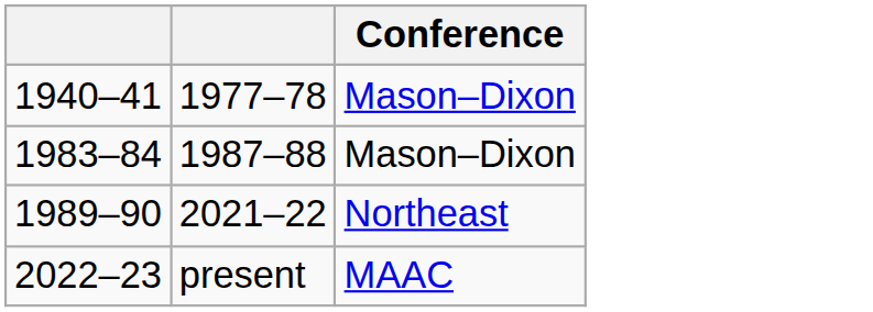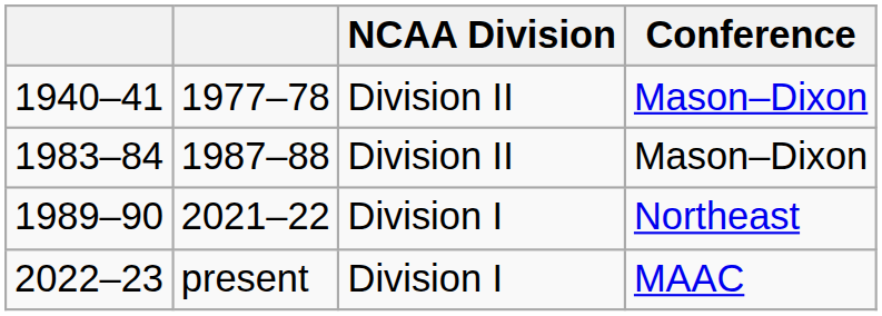 <table class = "wikitable sortable" style = " ">
 <tr>
 <th width=px></th>
 <th width=px></th>
+<th width=px>NCAA Division</th>
 <th width=px>Conference</th>
 </tr>
 <tr>
 <td>1940–41</td>
 <td>1977–78</td>
+<td>Division II</td>
 <td><a href='#'>Mason–Dixon</a></td>
 </tr>
 <tr>
 <td>1983–84</td>
 <td>1987–88</td>
+<td>Division II</td>
 <td>Mason–Dixon</td>
 </tr>
 <tr>
 <td>1989–90</td>
 <td>2021–22</td>
+<td>Division I</td>
 <td><a href='#'>Northeast</a></td>
 </tr>
 <tr>
 <td>2022–23</td>
 <td>present</td>
+<td>Division I</td>
 <td><a href='#'>MAAC</a></td>
 </tr>
 </table>
